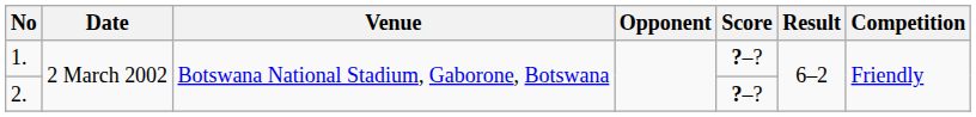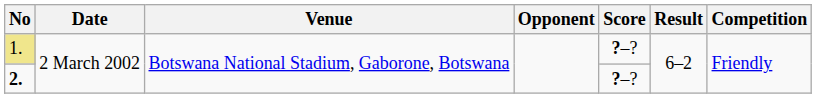 <table class="wikitable" style="font-size:85%;">
 <tr>
 <th>No</th>
 <th>Date</th>
 <th>Venue</th>
 <th>Opponent</th>
 <th>Score</th>
 <th>Result</th>
 <th>Competition</th>
 </tr>
 <tr>
-<td>1.</td>
+<td style="background: khaki;">1.</td>
 <td rowspan="2">2 March 2002</td>
 <td rowspan="2"><a href='#'>Botswana National Stadium</a>, <a href='#'>Gaborone</a>, <a href='#'>Botswana</a></td>
 <td rowspan="2"></td>
 <td align=center><strong>?</strong>–?</td>
 <td rowspan="2" style="text-align:center">6–2</td>
 <td rowspan="2"><a href='#'>Friendly</a></td>
 </tr>
 <tr>
-<td>2.</td>
+<td><strong>2.</strong></td>
 <td align=center><strong>?</strong>–?</td>
 </tr>
 </table>
